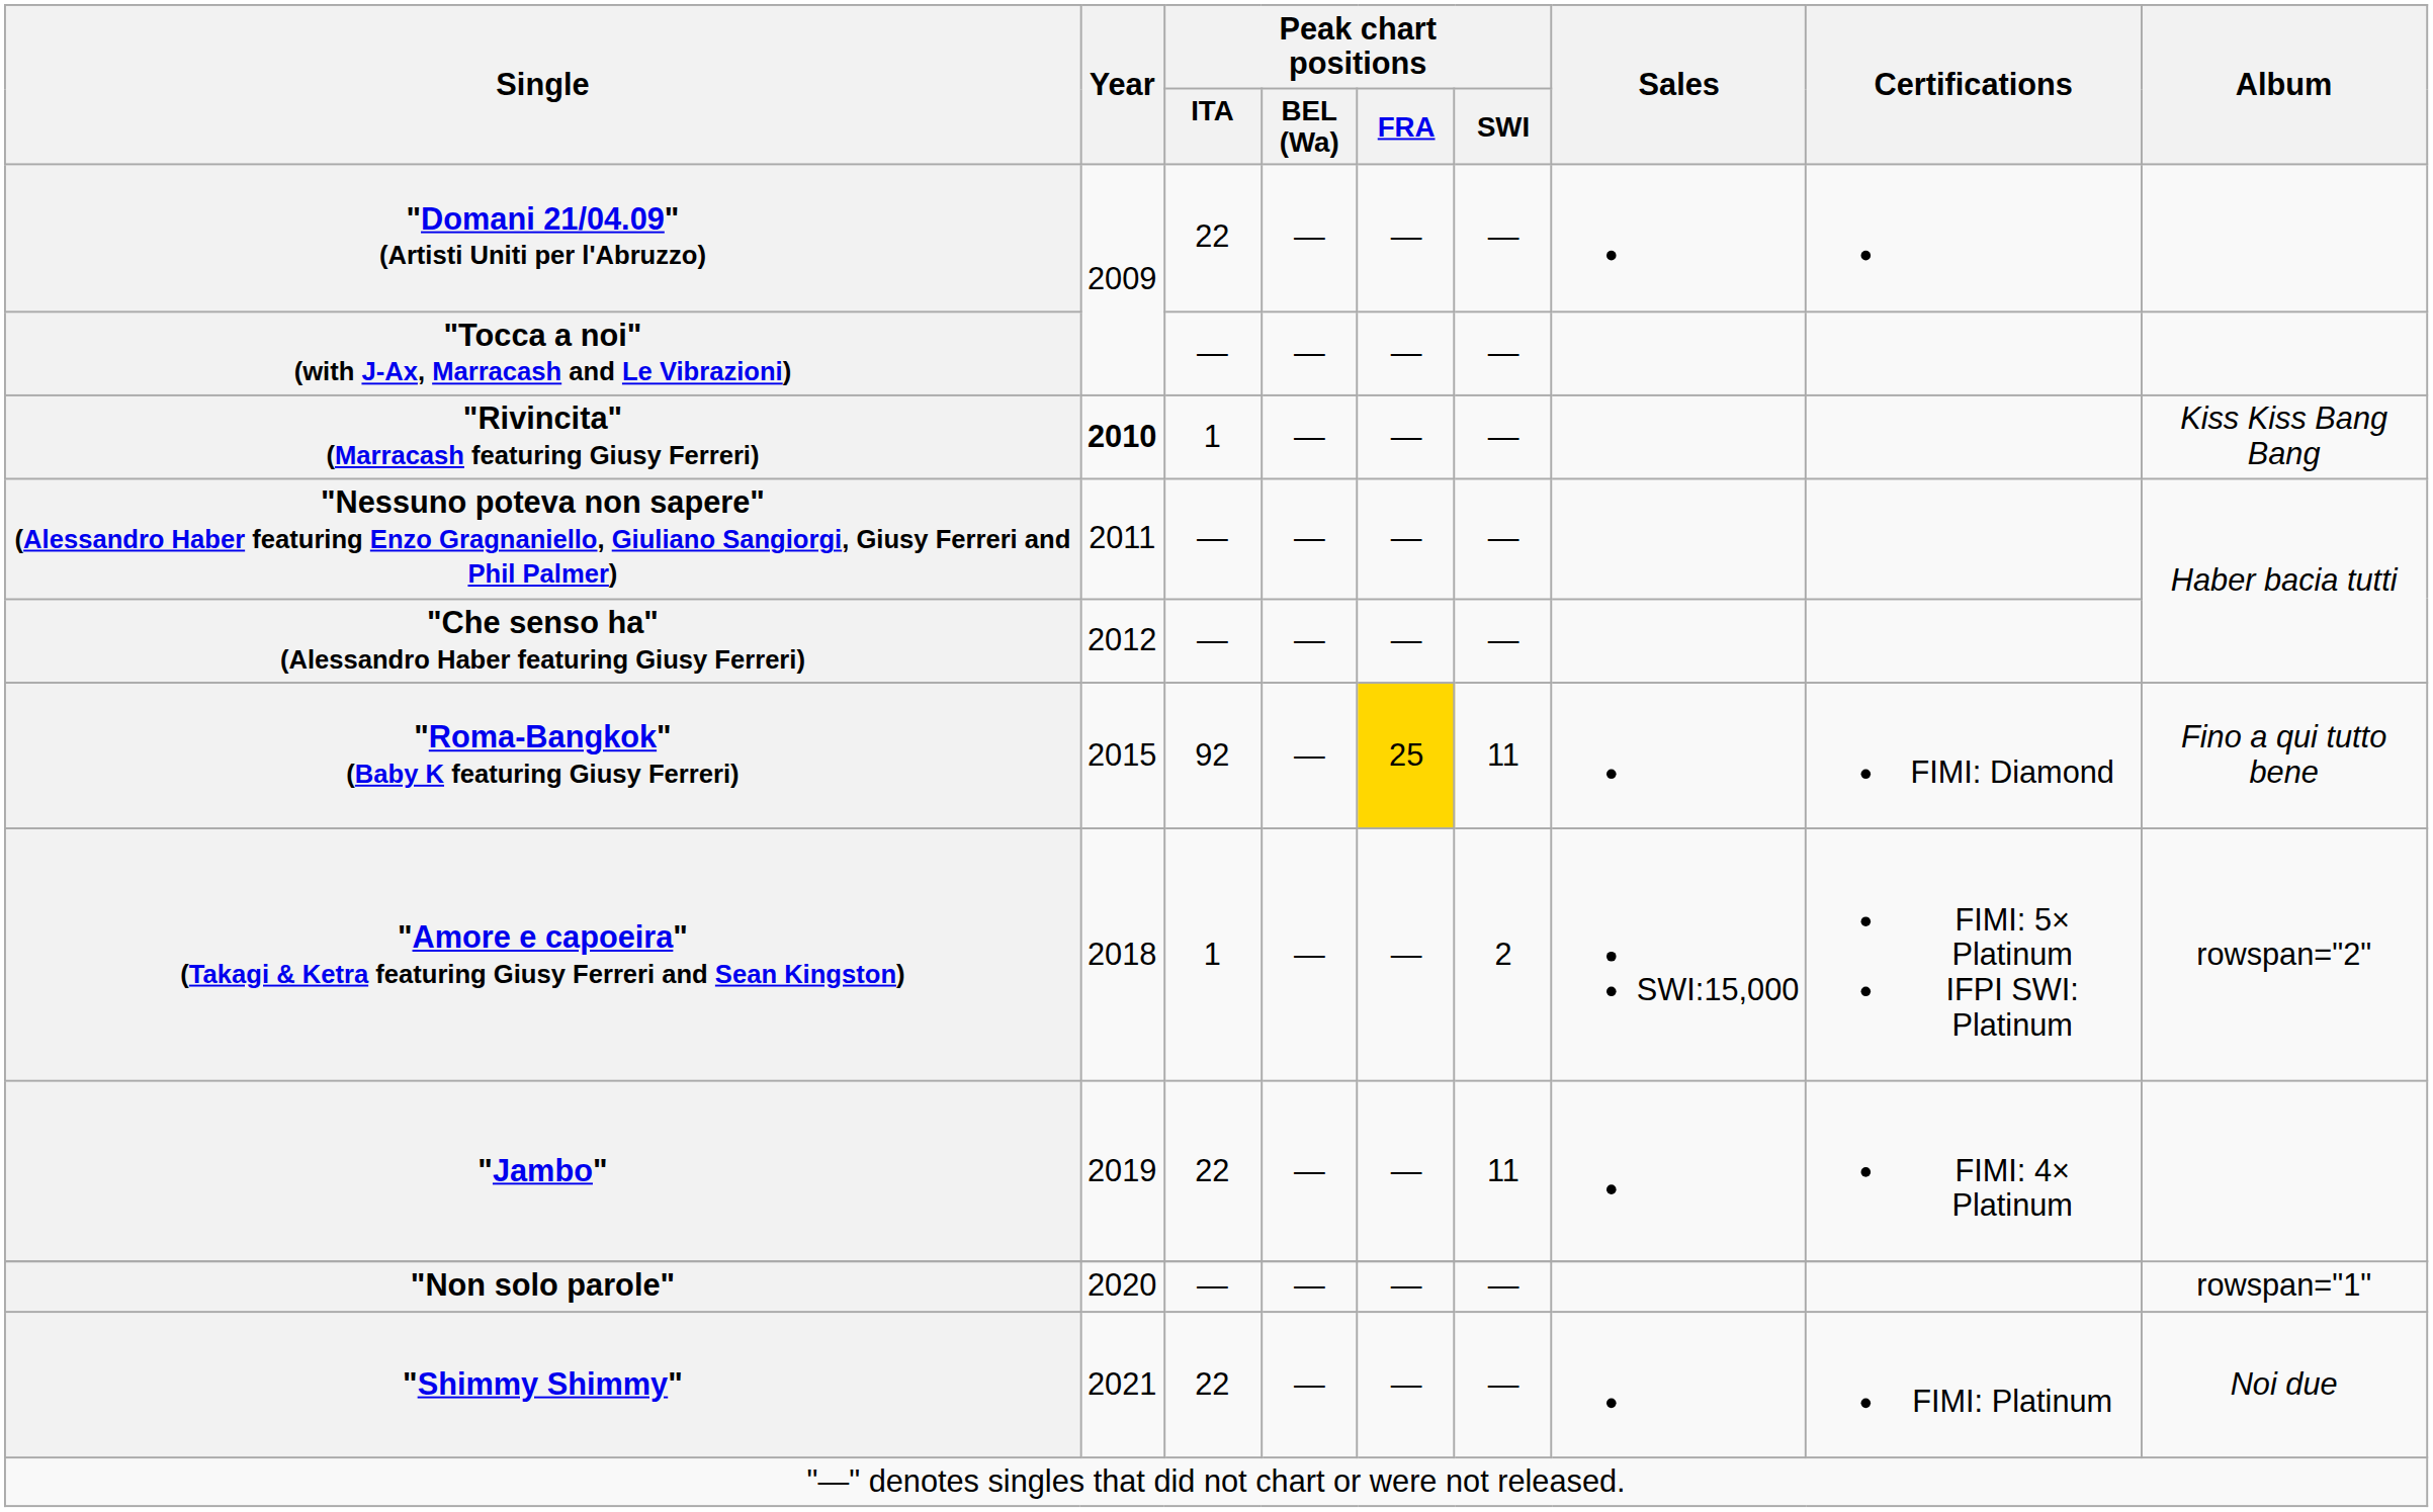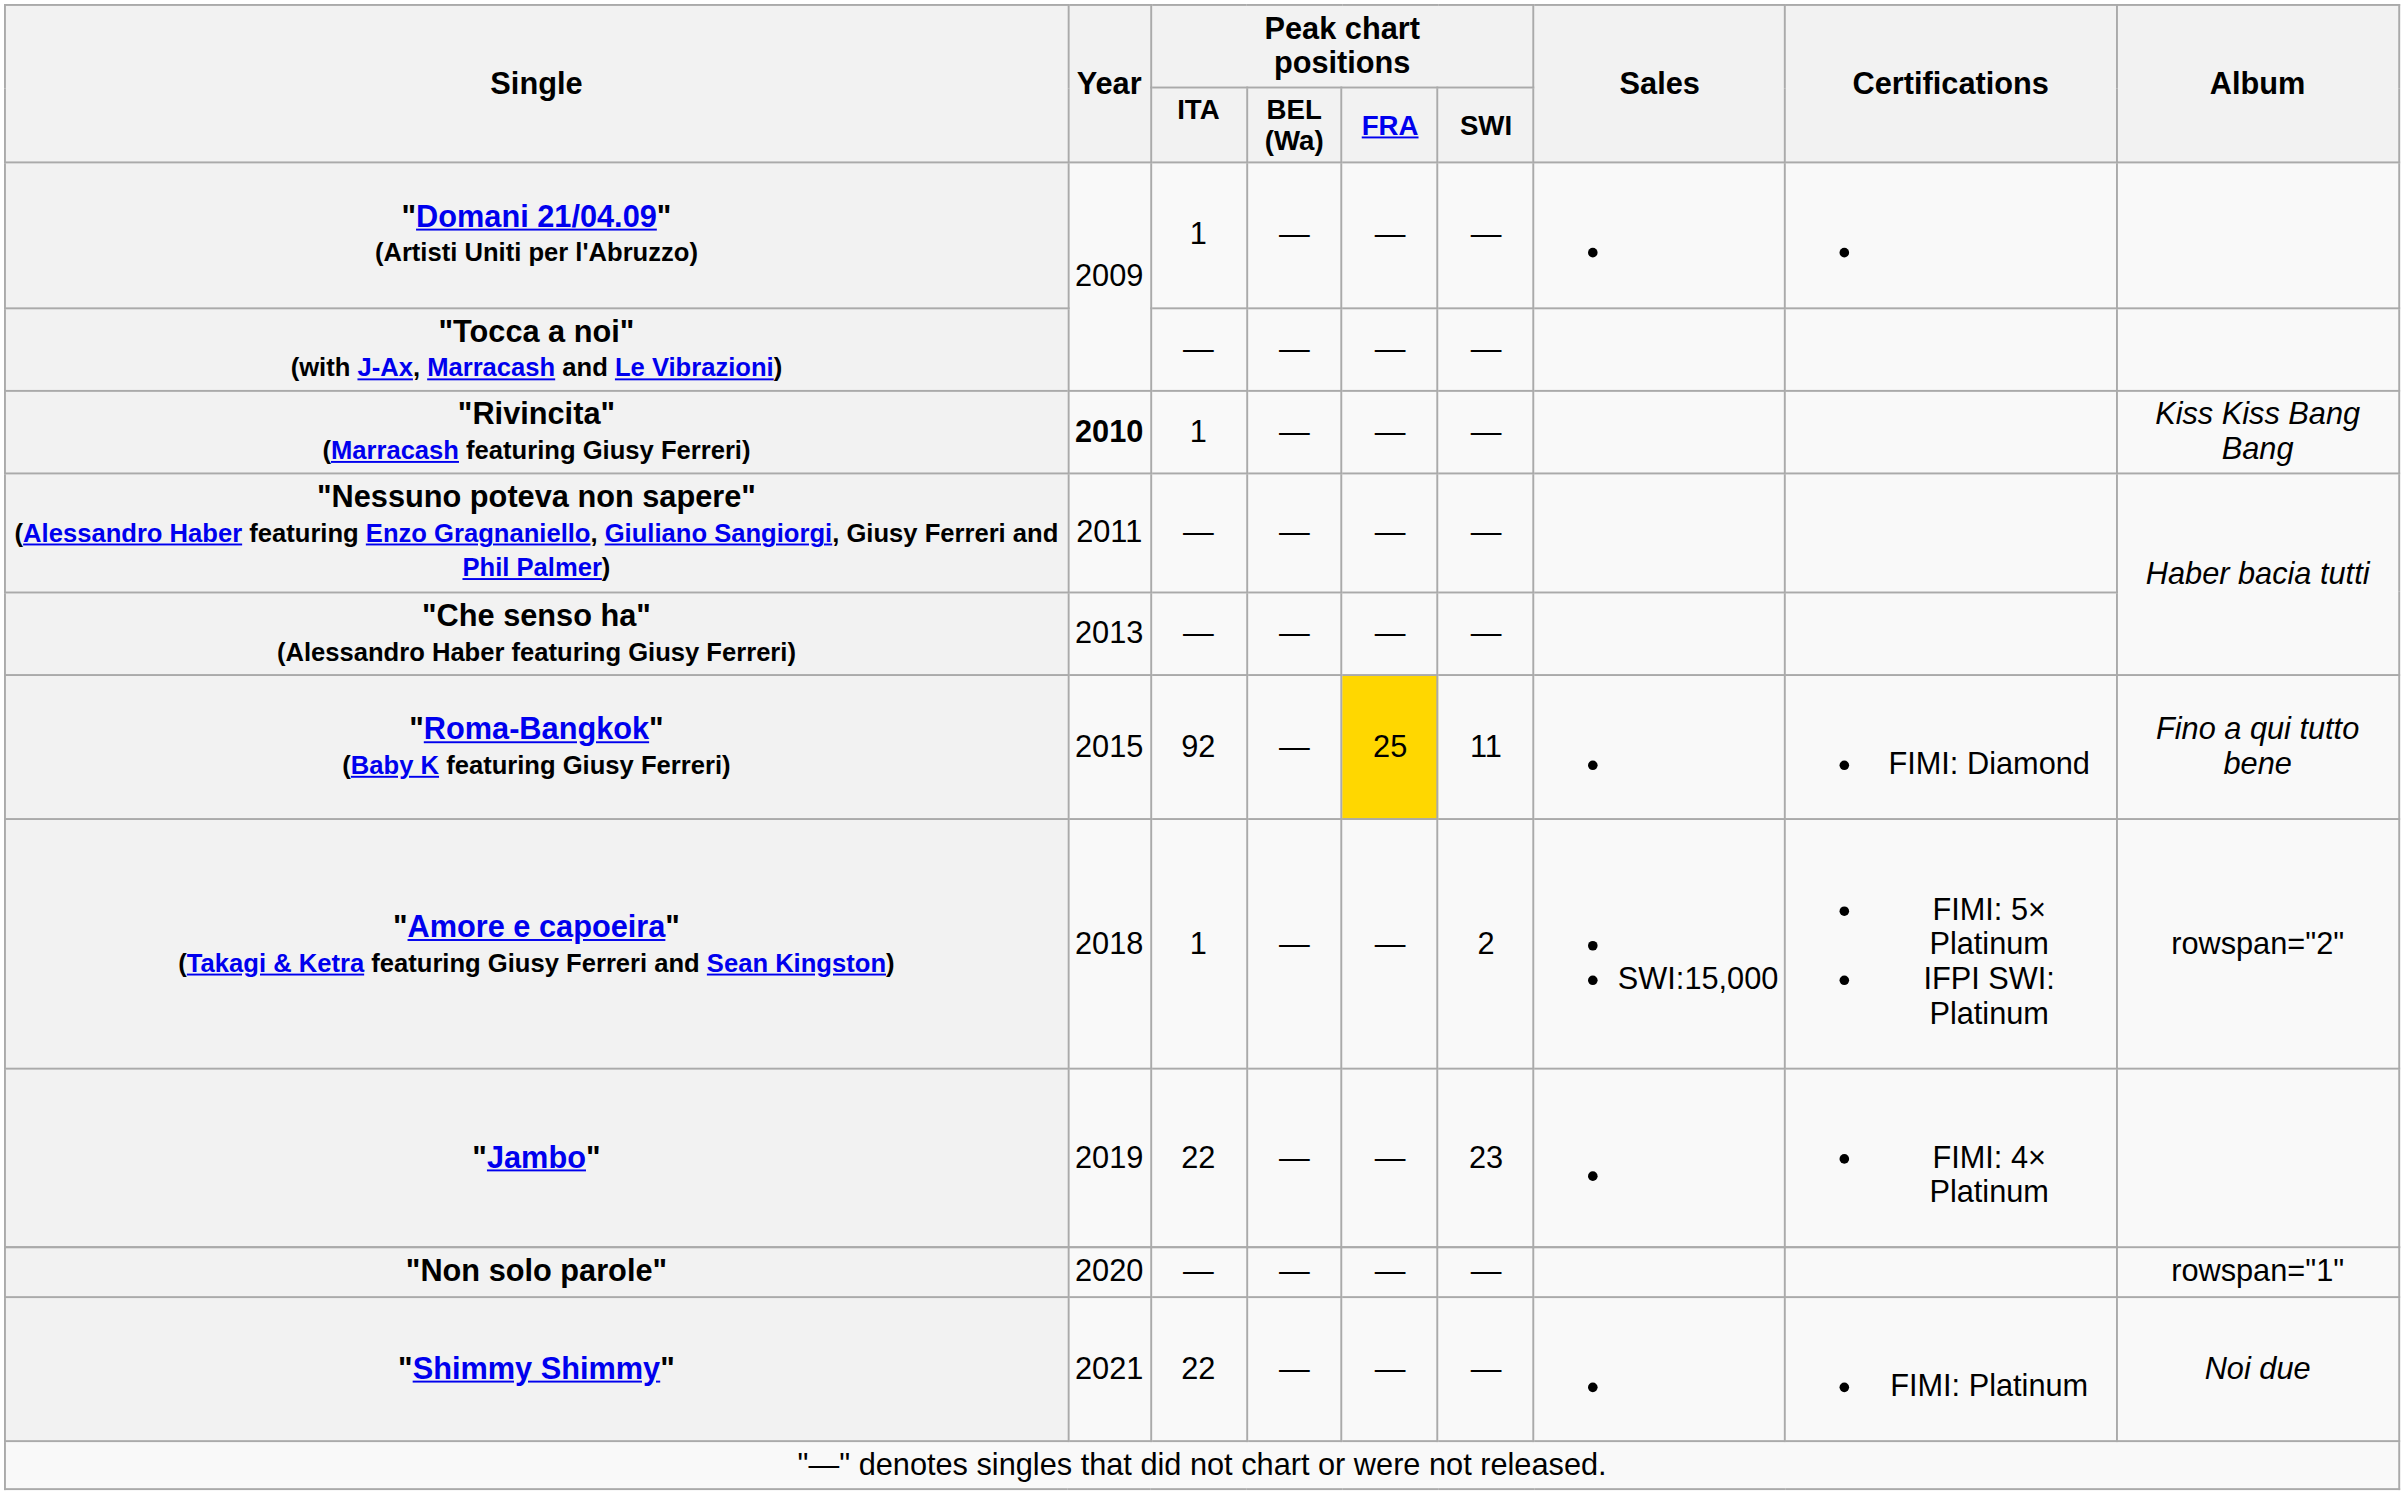 <table class="wikitable plainrowheaders" style="text-align:center;" border="1">
 <tr>
 <th rowspan="2" scope="column">Single</th>
 <th rowspan="2" scope="column">Year</th>
 <th colspan="4">Peak chart<br>positions</th>
 <th rowspan="2" scope="column">Sales</th>
 <th rowspan="2">Certifications</th>
 <th rowspan="2" style="text-align:center;">Album</th>
 </tr>
 <tr>
 <th scope="col" style="width:3em;font-size:90%;">ITA<br><br></th>
 <th scope="col" style="width:3em;font-size:90%;">BEL (Wa)<br></th>
 <th scope="col" style="width:3em;font-size:90%;"><a href='#'>FRA</a><br></th>
 <th scope="col" style="width:3em;font-size:90%;">SWI<br></th>
 </tr>
 <tr>
 <th scope="row">"<a href='#'>Domani 21/04.09</a>"<br><small>(Artisti Uniti per l'Abruzzo)</small></th>
 <td rowspan="2">2009</td>
-<td>22</td>
+<td>1</td>
 <td>—</td>
 <td>—</td>
 <td>—</td>
 <td><br><ul><li></li></ul></td>
 <td><br><ul><li></li></ul></td>
 <td></td>
 </tr>
 <tr>
 <th scope="row">"Tocca a noi"<br><small>(with <a href='#'>J-Ax</a>, <a href='#'>Marracash</a> and <a href='#'>Le Vibrazioni</a>)</small></th>
 <td>—</td>
 <td>—</td>
 <td>—</td>
 <td>—</td>
 <td></td>
 <td></td>
 <td></td>
 </tr>
 <tr>
 <th scope="row">"Rivincita"<br><small>(<a href='#'>Marracash</a> featuring Giusy Ferreri)</small></th>
 <td><strong>2010</strong></td>
 <td>1</td>
 <td>—</td>
 <td>—</td>
 <td>—</td>
 <td></td>
 <td></td>
 <td><em>Kiss Kiss Bang Bang</em></td>
 </tr>
 <tr>
 <th scope="row">"Nessuno poteva non sapere"<br><small>(<a href='#'>Alessandro Haber</a> featuring <a href='#'>Enzo Gragnaniello</a>, <a href='#'>Giuliano Sangiorgi</a>, Giusy Ferreri and <a href='#'>Phil Palmer</a>)</small></th>
 <td>2011</td>
 <td>—</td>
 <td>—</td>
 <td>—</td>
 <td>—</td>
 <td></td>
 <td></td>
 <td rowspan="2"><em>Haber bacia tutti</em></td>
 </tr>
 <tr>
 <th scope="row">"Che senso ha"<br><small>(Alessandro Haber featuring Giusy Ferreri)</small></th>
-<td>2012</td>
+<td>2013</td>
 <td>—</td>
 <td>—</td>
 <td>—</td>
 <td>—</td>
 <td></td>
 <td></td>
 </tr>
 <tr>
 <th scope="row">"<a href='#'>Roma-Bangkok</a>" <br><small>(<a href='#'>Baby K</a> featuring Giusy Ferreri)</small></th>
 <td>2015</td>
 <td>92</td>
 <td>—</td>
 <td style="background: gold;">25</td>
 <td>11</td>
 <td><br><ul><li></li></ul></td>
 <td><br><ul><li>FIMI: Diamond</li></ul></td>
 <td><em>Fino a qui tutto bene</em></td>
 </tr>
 <tr>
 <th scope="row">"<a href='#'>Amore e capoeira</a>" <br><small>(<a href='#'>Takagi & Ketra</a> featuring Giusy Ferreri and <a href='#'>Sean Kingston</a>)</small></th>
 <td>2018</td>
 <td>1</td>
 <td>—</td>
 <td>—</td>
 <td>2</td>
 <td><br><ul><li></li><li>SWI:15,000</li></ul></td>
 <td><br><ul><li>FIMI: 5× Platinum</li><li>IFPI SWI: Platinum</li></ul></td>
 <td>rowspan="2" </td>
 </tr>
 <tr>
 <th scope="row">"<a href='#'>Jambo</a>"<br></th>
 <td>2019</td>
 <td>22</td>
 <td>—</td>
 <td>—</td>
-<td>11</td>
+<td>23</td>
 <td><br><ul><li></li></ul></td>
 <td><br><ul><li>FIMI: 4× Platinum</li></ul></td>
 </tr>
 <tr>
 </tr>
 <tr>
 <th scope="row">"Non solo parole"<br></th>
 <td>2020</td>
 <td>—</td>
 <td>—</td>
 <td>—</td>
 <td>—</td>
 <td></td>
 <td></td>
 <td>rowspan="1" </td>
 </tr>
 <tr>
 <th scope="row">"<a href='#'>Shimmy Shimmy</a>"<br></th>
 <td>2021</td>
 <td>22</td>
 <td>—</td>
 <td>—</td>
 <td>—</td>
 <td><br><ul><li></li></ul></td>
 <td><br><ul><li>FIMI: Platinum</li></ul></td>
 <td rowspan="1"><em>Noi due</em></td>
 </tr>
 <tr>
 <td colspan="20">"—" denotes singles that did not chart or were not released.</td>
 </tr>
 </table>
